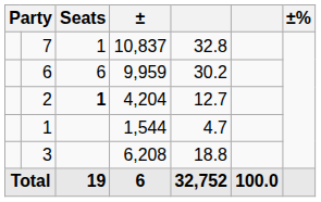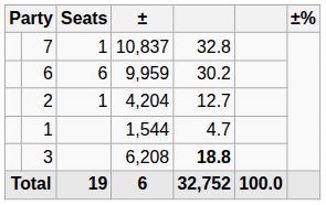 <table class=wikitable>
 <tr>
 <th colspan=2 align=center>Party</th>
 <th>Seats</th>
 <th>±</th>
 <th></th>
 <th></th>
 <th>±%</th>
 </tr>
 <tr>
 <td></td>
 <td align=right>7</td>
 <td align=right>1</td>
 <td align=right>10,837</td>
 <td align=right>32.8</td>
 <td align=right></td>
 </tr>
 <tr>
 <td></td>
 <td align=right>6</td>
 <td align=right>6</td>
 <td align=right>9,959</td>
 <td align=right>30.2</td>
 <td align=right></td>
 </tr>
 <tr>
 <td></td>
 <td align=right>2</td>
-<td align=right><strong>1</strong></td>
+<td align=right>1</td>
 <td align=right>4,204</td>
 <td align=right>12.7</td>
 <td align=right></td>
 </tr>
 <tr>
 <td></td>
 <td align=right>1</td>
 <td align=right></td>
 <td align=right>1,544</td>
 <td align=right>4.7</td>
 <td align=right></td>
 </tr>
 <tr>
 <td></td>
 <td align=right>3</td>
 <td align=right></td>
 <td align=right>6,208</td>
-<td align=right>18.8</td>
+<td align=right><strong>18.8</strong></td>
 <td align=right></td>
 </tr>
 <tr style="font-weight:bold; background:rgb(232,232,232);">
 <td colspan=2 align=center>Total</td>
 <td align=right>19</td>
 <td align=center>6</td>
 <td align=right>32,752</td>
 <td align=center>100.0</td>
 <td align=center></td>
 </tr>
 </table>
